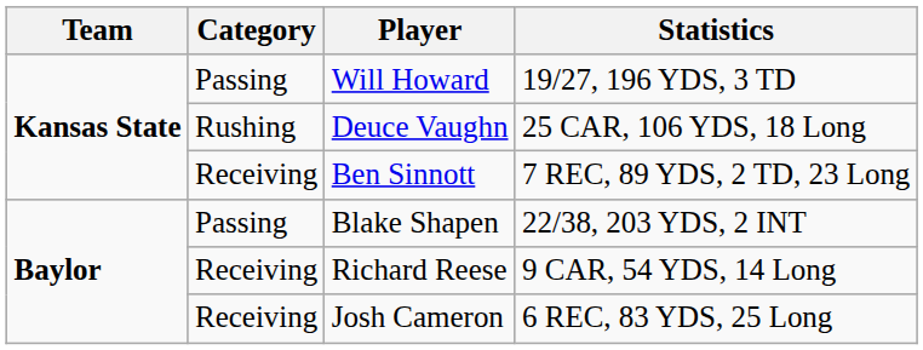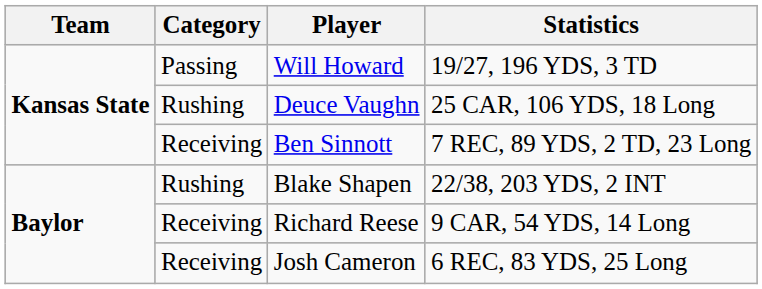 <table class="wikitable" style="float: right;">
 <tr>
 <th>Team</th>
 <th>Category</th>
 <th>Player</th>
 <th>Statistics</th>
 </tr>
 <tr>
 <td rowspan=3><strong>Kansas State</strong></td>
 <td>Passing</td>
 <td><a href='#'>Will Howard</a></td>
 <td>19/27, 196 YDS, 3 TD</td>
 </tr>
 <tr>
 <td>Rushing</td>
 <td><a href='#'>Deuce Vaughn</a></td>
 <td>25 CAR, 106 YDS, 18 Long</td>
 </tr>
 <tr>
 <td>Receiving</td>
 <td><a href='#'>Ben Sinnott</a></td>
 <td>7 REC, 89 YDS, 2 TD, 23 Long</td>
 </tr>
 <tr>
 <td rowspan=3><strong>Baylor</strong></td>
-<td>Passing</td>
+<td>Rushing</td>
 <td>Blake Shapen</td>
 <td>22/38, 203 YDS, 2 INT</td>
 </tr>
 <tr>
 <td>Receiving</td>
 <td>Richard Reese</td>
 <td>9 CAR, 54 YDS, 14 Long</td>
 </tr>
 <tr>
 <td>Receiving</td>
 <td>Josh Cameron</td>
 <td>6 REC, 83 YDS, 25 Long</td>
 </tr>
 </table>
